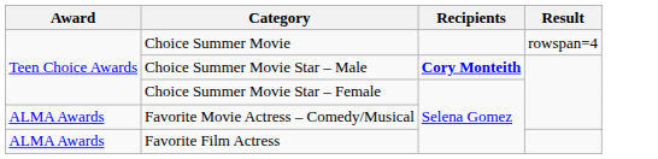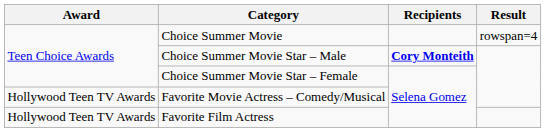 <table class="wikitable">
 <tr>
 <th>Award</th>
 <th>Category</th>
 <th>Recipients</th>
 <th>Result</th>
 </tr>
 <tr>
 <td rowspan="3"><a href='#'>Teen Choice Awards</a></td>
 <td>Choice Summer Movie</td>
 <td></td>
 <td>rowspan=4 </td>
 </tr>
 <tr>
 <td>Choice Summer Movie Star – Male</td>
 <td><strong><a href='#'>Cory Monteith</a></strong></td>
 </tr>
 <tr>
 <td>Choice Summer Movie Star – Female</td>
 <td rowspan=3><a href='#'>Selena Gomez</a></td>
 </tr>
 <tr>
-<td><a href='#'>ALMA Awards</a></td>
+<td>Hollywood Teen TV Awards</td>
 <td>Favorite Movie Actress – Comedy/Musical</td>
 </tr>
 <tr>
-<td><a href='#'>ALMA Awards</a></td>
+<td>Hollywood Teen TV Awards</td>
 <td>Favorite Film Actress</td>
 <td></td>
 </tr>
 </table>
